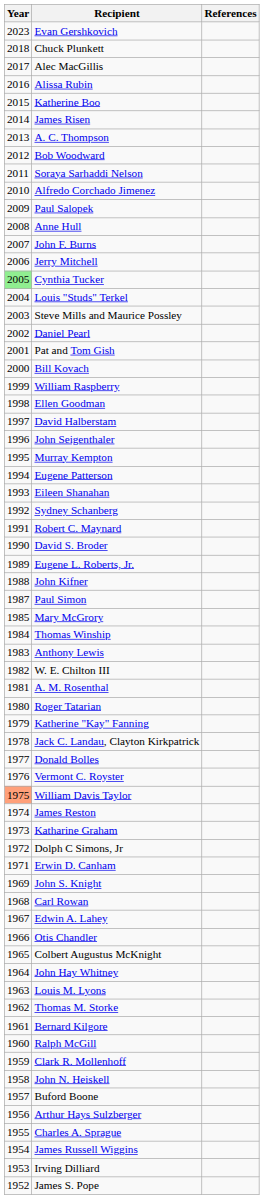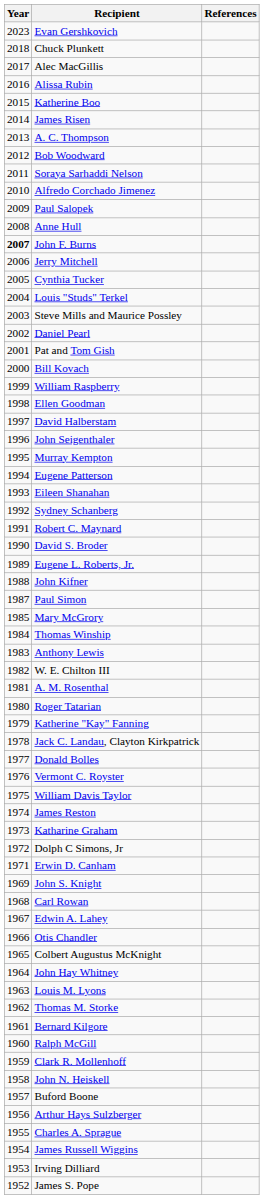 <table class="wikitable">
 <tr>
 <th>Year</th>
 <th>Recipient</th>
 <th>References</th>
 </tr>
 <tr>
 <td>2023</td>
 <td><a href='#'>Evan Gershkovich</a></td>
 <td></td>
 </tr>
 <tr>
 <td>2018</td>
 <td>Chuck Plunkett</td>
 <td></td>
 </tr>
 <tr>
 <td>2017</td>
 <td>Alec MacGillis</td>
 <td></td>
 </tr>
 <tr>
 <td>2016</td>
 <td><a href='#'>Alissa Rubin</a></td>
 <td></td>
 </tr>
 <tr>
 <td>2015</td>
 <td><a href='#'>Katherine Boo</a></td>
 <td></td>
 </tr>
 <tr>
 <td>2014</td>
 <td><a href='#'>James Risen</a></td>
 <td></td>
 </tr>
 <tr>
 <td>2013</td>
 <td><a href='#'>A. C. Thompson</a></td>
 <td></td>
 </tr>
 <tr>
 <td>2012</td>
 <td><a href='#'>Bob Woodward</a></td>
 <td></td>
 </tr>
 <tr>
 <td>2011</td>
 <td><a href='#'>Soraya Sarhaddi Nelson</a></td>
 <td></td>
 </tr>
 <tr>
 <td>2010</td>
 <td><a href='#'>Alfredo Corchado Jimenez</a></td>
 <td></td>
 </tr>
 <tr>
 <td>2009</td>
 <td><a href='#'>Paul Salopek</a></td>
 <td></td>
 </tr>
 <tr>
 <td>2008</td>
 <td><a href='#'>Anne Hull</a></td>
 <td></td>
 </tr>
 <tr>
-<td>2007</td>
+<td><strong>2007</strong></td>
 <td><a href='#'>John F. Burns</a></td>
 <td></td>
 </tr>
 <tr>
 <td>2006</td>
 <td><a href='#'>Jerry Mitchell</a></td>
 <td></td>
 </tr>
 <tr>
-<td style="background: lightgreen;">2005</td>
+<td>2005</td>
 <td><a href='#'>Cynthia Tucker</a></td>
 <td></td>
 </tr>
 <tr>
 <td>2004</td>
 <td><a href='#'>Louis "Studs" Terkel</a></td>
 <td></td>
 </tr>
 <tr>
 <td>2003</td>
 <td>Steve Mills and Maurice Possley</td>
 <td></td>
 </tr>
 <tr>
 <td>2002</td>
 <td><a href='#'>Daniel Pearl</a></td>
 <td></td>
 </tr>
 <tr>
 <td>2001</td>
 <td>Pat and <a href='#'>Tom Gish</a></td>
 <td></td>
 </tr>
 <tr>
 <td>2000</td>
 <td><a href='#'>Bill Kovach</a></td>
 <td></td>
 </tr>
 <tr>
 <td>1999</td>
 <td><a href='#'>William Raspberry</a></td>
 <td></td>
 </tr>
 <tr>
 <td>1998</td>
 <td><a href='#'>Ellen Goodman</a></td>
 <td></td>
 </tr>
 <tr>
 <td>1997</td>
 <td><a href='#'>David Halberstam</a></td>
 <td></td>
 </tr>
 <tr>
 <td>1996</td>
 <td><a href='#'>John Seigenthaler</a></td>
 <td></td>
 </tr>
 <tr>
 <td>1995</td>
 <td><a href='#'>Murray Kempton</a></td>
 <td></td>
 </tr>
 <tr>
 <td>1994</td>
 <td><a href='#'>Eugene Patterson</a></td>
 <td></td>
 </tr>
 <tr>
 <td>1993</td>
 <td><a href='#'>Eileen Shanahan</a></td>
 <td></td>
 </tr>
 <tr>
 <td>1992</td>
 <td><a href='#'>Sydney Schanberg</a></td>
 <td></td>
 </tr>
 <tr>
 <td>1991</td>
 <td><a href='#'>Robert C. Maynard</a></td>
 <td></td>
 </tr>
 <tr>
 <td>1990</td>
 <td><a href='#'>David S. Broder</a></td>
 <td></td>
 </tr>
 <tr>
 <td>1989</td>
 <td><a href='#'>Eugene L. Roberts, Jr.</a></td>
 <td></td>
 </tr>
 <tr>
 <td>1988</td>
 <td><a href='#'>John Kifner</a></td>
 <td></td>
 </tr>
 <tr>
 <td>1987</td>
 <td><a href='#'>Paul Simon</a></td>
 <td></td>
 </tr>
 <tr>
 <td>1985</td>
 <td><a href='#'>Mary McGrory</a></td>
 <td></td>
 </tr>
 <tr>
 <td>1984</td>
 <td><a href='#'>Thomas Winship</a></td>
 <td></td>
 </tr>
 <tr>
 <td>1983</td>
 <td><a href='#'>Anthony Lewis</a></td>
 <td></td>
 </tr>
 <tr>
 <td>1982</td>
 <td>W. E. Chilton III</td>
 <td></td>
 </tr>
 <tr>
 <td>1981</td>
 <td><a href='#'>A. M. Rosenthal</a></td>
 <td></td>
 </tr>
 <tr>
 <td>1980</td>
 <td><a href='#'>Roger Tatarian</a></td>
 <td></td>
 </tr>
 <tr>
 <td>1979</td>
 <td><a href='#'>Katherine "Kay" Fanning</a></td>
 <td></td>
 </tr>
 <tr>
 <td>1978</td>
 <td><a href='#'>Jack C. Landau</a>, Clayton Kirkpatrick</td>
 <td></td>
 </tr>
 <tr>
 <td>1977</td>
 <td><a href='#'>Donald Bolles</a></td>
 <td></td>
 </tr>
 <tr>
 <td>1976</td>
 <td><a href='#'>Vermont C. Royster</a></td>
 <td></td>
 </tr>
 <tr>
-<td style="background: lightsalmon;">1975</td>
+<td>1975</td>
 <td><a href='#'>William Davis Taylor</a></td>
 <td></td>
 </tr>
 <tr>
 <td>1974</td>
 <td><a href='#'>James Reston</a></td>
 <td></td>
 </tr>
 <tr>
 <td>1973</td>
 <td><a href='#'>Katharine Graham</a></td>
 <td></td>
 </tr>
 <tr>
 <td>1972</td>
 <td>Dolph C Simons, Jr</td>
 <td></td>
 </tr>
 <tr>
 <td>1971</td>
 <td><a href='#'>Erwin D. Canham</a></td>
 <td></td>
 </tr>
 <tr>
 <td>1969</td>
 <td><a href='#'>John S. Knight</a></td>
 <td></td>
 </tr>
 <tr>
 <td>1968</td>
 <td><a href='#'>Carl Rowan</a></td>
 <td></td>
 </tr>
 <tr>
 <td>1967</td>
 <td><a href='#'>Edwin A. Lahey</a></td>
 <td></td>
 </tr>
 <tr>
 <td>1966</td>
 <td><a href='#'>Otis Chandler</a></td>
 <td></td>
 </tr>
 <tr>
 <td>1965</td>
 <td>Colbert Augustus McKnight</td>
 <td></td>
 </tr>
 <tr>
 <td>1964</td>
 <td><a href='#'>John Hay Whitney</a></td>
 <td></td>
 </tr>
 <tr>
 <td>1963</td>
 <td><a href='#'>Louis M. Lyons</a></td>
 <td></td>
 </tr>
 <tr>
 <td>1962</td>
 <td><a href='#'>Thomas M. Storke</a></td>
 <td></td>
 </tr>
 <tr>
 <td>1961</td>
 <td><a href='#'>Bernard Kilgore</a></td>
 <td></td>
 </tr>
 <tr>
 <td>1960</td>
 <td><a href='#'>Ralph McGill</a></td>
 <td></td>
 </tr>
 <tr>
 <td>1959</td>
 <td><a href='#'>Clark R. Mollenhoff</a></td>
 <td></td>
 </tr>
 <tr>
 <td>1958</td>
 <td><a href='#'>John N. Heiskell</a></td>
 <td></td>
 </tr>
 <tr>
 <td>1957</td>
 <td>Buford Boone</td>
 <td></td>
 </tr>
 <tr>
 <td>1956</td>
 <td><a href='#'>Arthur Hays Sulzberger</a></td>
 <td></td>
 </tr>
 <tr>
 <td>1955</td>
 <td><a href='#'>Charles A. Sprague</a></td>
 <td></td>
 </tr>
 <tr>
 <td>1954</td>
 <td><a href='#'>James Russell Wiggins</a></td>
 <td></td>
 </tr>
 <tr>
 <td>1953</td>
 <td>Irving Dilliard</td>
 <td></td>
 </tr>
 <tr>
 <td>1952</td>
 <td>James S. Pope</td>
 <td></td>
 </tr>
 </table>
